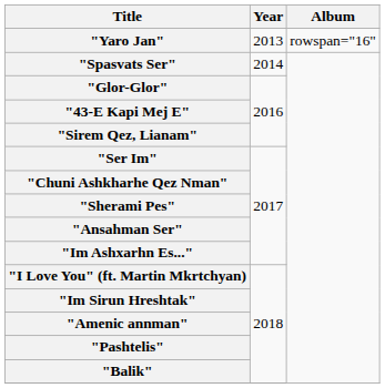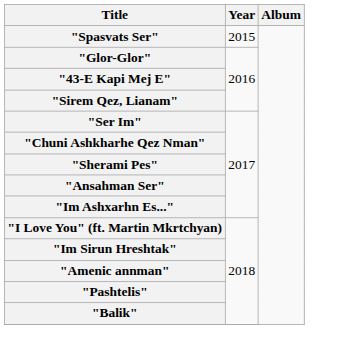 <table class="wikitable plainrowheaders" style="text-align:center;">
 <tr>
 <th scope="col">Title</th>
 <th scope="col">Year</th>
 <th scope="col">Album</th>
 </tr>
 <tr>
-<th scope="row">"Yaro Jan"<br><span></span></th>
-<td>2013</td>
-<td>rowspan="16" </td>
-</tr>
-<tr>
 <th scope="row">"Spasvats Ser"<br><span></span></th>
-<td>2014</td>
+<td>2015</td>
 </tr>
 <tr>
 <th scope="row">"Glor-Glor"<br><span></span></th>
 <td rowspan="3">2016</td>
 </tr>
 <tr>
 <th scope="row">"43-E Kapi Mej E"<br><span></span></th>
 </tr>
 <tr>
 <th scope="row">"Sirem Qez, Lianam"<br><span></span></th>
 </tr>
 <tr>
 <th scope="row">"Ser Im"<br><span></span></th>
 <td rowspan="5">2017</td>
 </tr>
 <tr>
 <th scope="row">"Chuni Ashkharhe Qez Nman"<br><span></span></th>
 </tr>
 <tr>
 <th scope="row">"Sherami Pes"<br><span></span></th>
 </tr>
 <tr>
 <th scope="row">"Ansahman Ser"<br><span></span></th>
 </tr>
 <tr>
 <th scope="row">"Im Ashxarhn Es..."<br><span></span></th>
 </tr>
 <tr>
 <th scope="row">"I Love You" (ft. Martin Mkrtchyan) <br><span></span></th>
 <td rowspan="5">2018</td>
 </tr>
 <tr>
 <th scope="row">"Im Sirun Hreshtak"<br><span></span></th>
 </tr>
 <tr>
 <th scope="row">"Amenic annman"<br><span></span></th>
 </tr>
 <tr>
 <th scope="row">"Pashtelis"<br><span></span></th>
 </tr>
 <tr>
 <th scope="row">"Balik"<br><span></span></th>
 </tr>
 <tr>
 </tr>
 </table>
